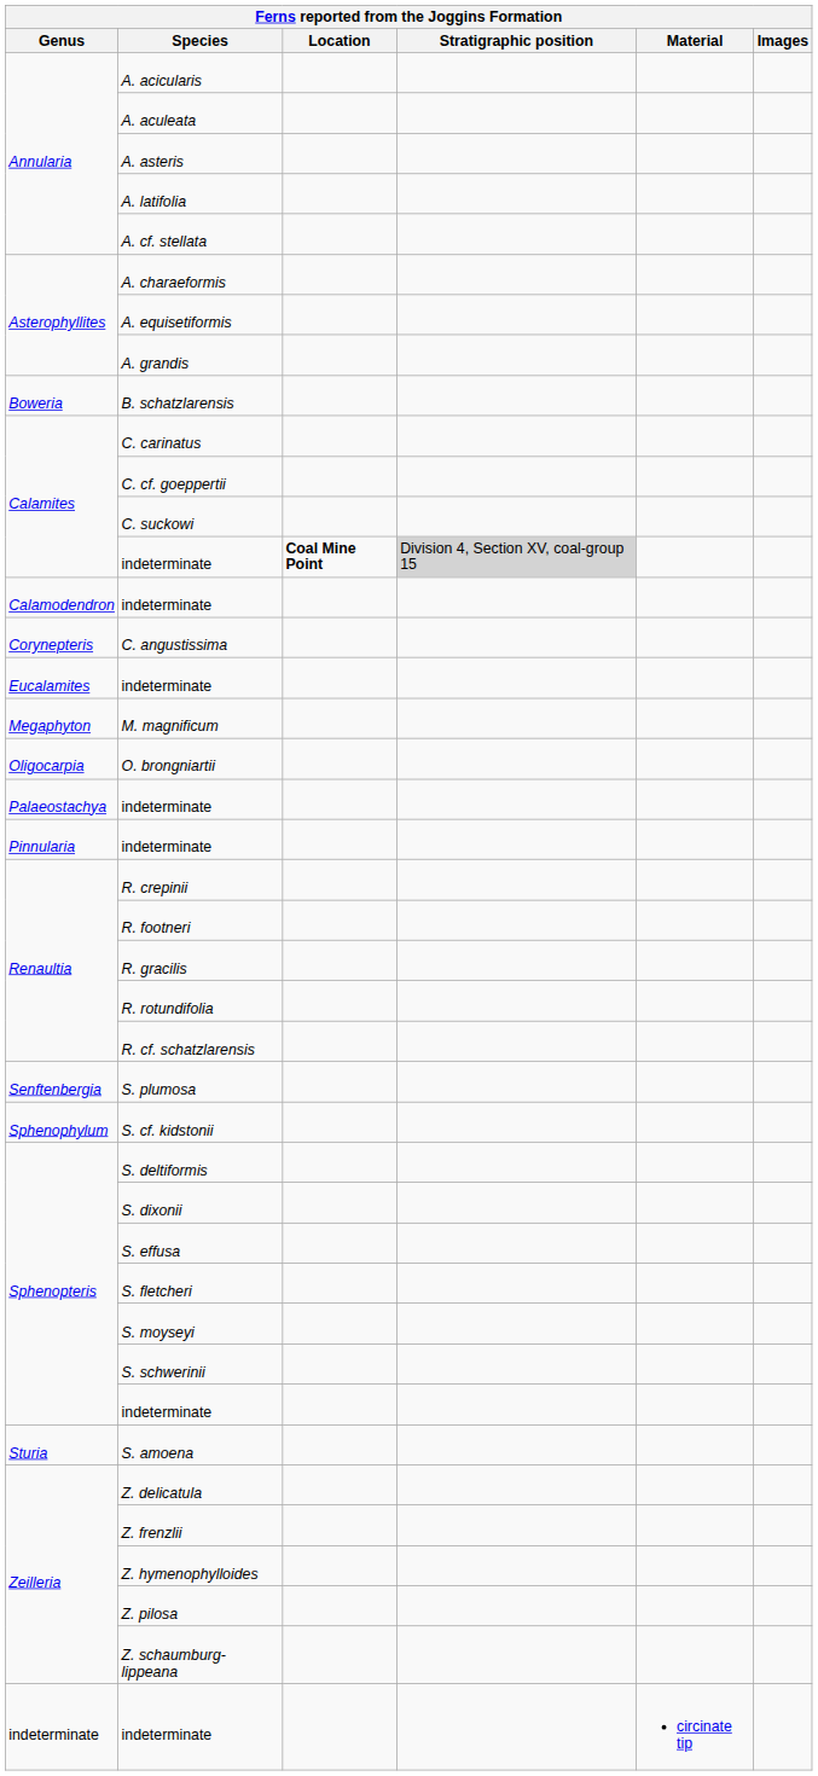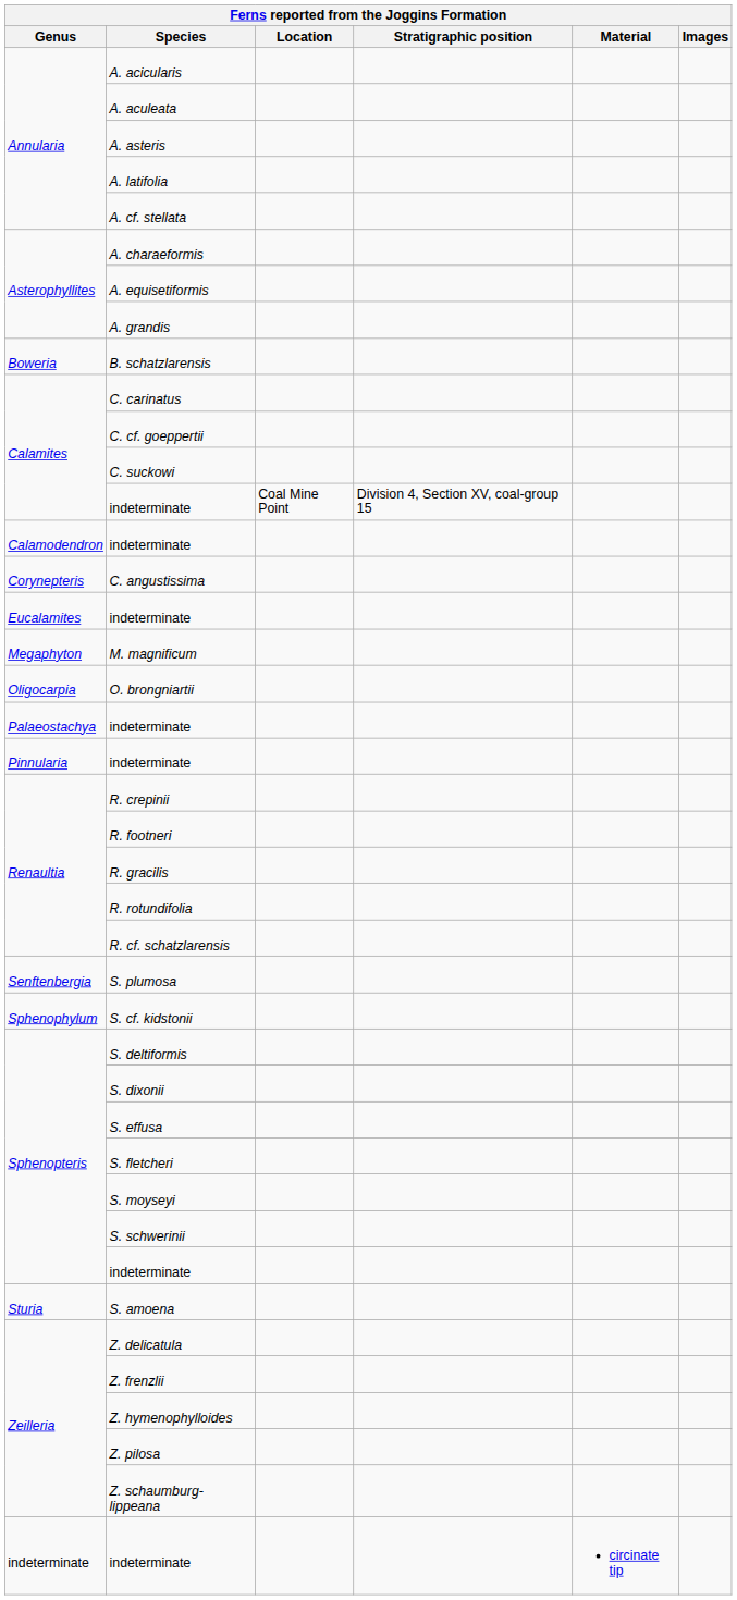 <table class="wikitable sortable mw-collapsible">
 <tr>
 <th colspan="7" style="text-align:center;"><strong><a href='#'>Ferns</a> reported from the Joggins Formation</strong></th>
 </tr>
 <tr>
 <th>Genus</th>
 <th>Species</th>
 <th>Location</th>
 <th>Stratigraphic position</th>
 <th>Material</th>
 <th>Images</th>
 </tr>
 <tr>
 <td rowspan="5"><br><em><a href='#'>Annularia</a></em></td>
 <td><br><em>A. acicularis</em></td>
 <td></td>
 <td></td>
 <td></td>
 <td></td>
 </tr>
 <tr>
 <td><br><em>A. aculeata</em></td>
 <td></td>
 <td></td>
 <td></td>
 <td></td>
 </tr>
 <tr>
 <td><br><em>A. asteris</em></td>
 <td></td>
 <td></td>
 <td></td>
 <td></td>
 </tr>
 <tr>
 <td><br><em>A. latifolia</em></td>
 <td></td>
 <td></td>
 <td></td>
 <td></td>
 </tr>
 <tr>
 <td><br><em>A. cf. stellata</em></td>
 <td></td>
 <td></td>
 <td></td>
 <td></td>
 </tr>
 <tr>
 <td rowspan="3"><br><em><a href='#'>Asterophyllites</a></em></td>
 <td><br><em>A. charaeformis</em></td>
 <td></td>
 <td></td>
 <td></td>
 <td></td>
 </tr>
 <tr>
 <td><br><em>A. equisetiformis</em></td>
 <td></td>
 <td></td>
 <td></td>
 <td></td>
 </tr>
 <tr>
 <td><br><em>A. grandis</em></td>
 <td></td>
 <td></td>
 <td></td>
 <td></td>
 </tr>
 <tr>
 <td rowspan="1"><br><em><a href='#'>Boweria</a></em></td>
 <td><br><em>B. schatzlarensis</em></td>
 <td></td>
 <td></td>
 <td></td>
 <td></td>
 </tr>
 <tr>
 <td rowspan="4"><br><em><a href='#'>Calamites</a></em></td>
 <td><br><em>C. carinatus</em></td>
 <td></td>
 <td></td>
 <td></td>
 <td></td>
 </tr>
 <tr>
 <td><br><em>C. cf. goeppertii</em></td>
 <td></td>
 <td></td>
 <td></td>
 <td></td>
 </tr>
 <tr>
 <td><br><em>C. suckowi</em></td>
 <td></td>
 <td></td>
 <td></td>
 <td></td>
 </tr>
 <tr>
 <td><br>indeterminate</td>
-<td><strong>Coal Mine Point</strong></td>
-<td style="background: lightgrey;">Division 4, Section XV, coal-group 15</td>
+<td>Coal Mine Point</td>
+<td>Division 4, Section XV, coal-group 15</td>
 <td></td>
 <td></td>
 </tr>
 <tr>
 <td rowspan="1"><br><em><a href='#'>Calamodendron</a></em></td>
 <td><br>indeterminate</td>
 <td></td>
 <td></td>
 <td></td>
 <td></td>
 </tr>
 <tr>
 <td rowspan="1"><br><em><a href='#'>Corynepteris</a></em></td>
 <td><br><em>C. angustissima</em></td>
 <td></td>
 <td></td>
 <td></td>
 <td></td>
 </tr>
 <tr>
 <td rowspan="1"><br><em><a href='#'>Eucalamites</a></em></td>
 <td><br>indeterminate</td>
 <td></td>
 <td></td>
 <td></td>
 <td></td>
 </tr>
 <tr>
 <td rowspan="1"><br><em><a href='#'>Megaphyton</a></em></td>
 <td><br><em>M. magnificum</em></td>
 <td></td>
 <td></td>
 <td></td>
 <td></td>
 </tr>
 <tr>
 <td rowspan="1"><br><em><a href='#'>Oligocarpia</a></em></td>
 <td><br><em>O. brongniartii</em></td>
 <td></td>
 <td></td>
 <td></td>
 <td></td>
 </tr>
 <tr>
 <td rowspan="1"><br><em><a href='#'>Palaeostachya</a></em></td>
 <td><br>indeterminate</td>
 <td></td>
 <td></td>
 <td></td>
 <td></td>
 </tr>
 <tr>
 <td rowspan="1"><br><em><a href='#'>Pinnularia</a></em></td>
 <td><br>indeterminate</td>
 <td></td>
 <td></td>
 <td></td>
 <td></td>
 </tr>
 <tr>
 <td rowspan="5"><br><em><a href='#'>Renaultia</a></em></td>
 <td><br><em>R. crepinii</em></td>
 <td></td>
 <td></td>
 <td></td>
 <td></td>
 </tr>
 <tr>
 <td><br><em>R. footneri</em></td>
 <td></td>
 <td></td>
 <td></td>
 <td></td>
 </tr>
 <tr>
 <td><br><em>R. gracilis</em></td>
 <td></td>
 <td></td>
 <td></td>
 <td></td>
 </tr>
 <tr>
 <td><br><em>R. rotundifolia</em></td>
 <td></td>
 <td></td>
 <td></td>
 <td></td>
 </tr>
 <tr>
 <td><br><em>R. cf. schatzlarensis</em></td>
 <td></td>
 <td></td>
 <td></td>
 <td></td>
 </tr>
 <tr>
 <td rowspan="1"><br><em><a href='#'>Senftenbergia</a></em></td>
 <td><br><em>S. plumosa</em></td>
 <td></td>
 <td></td>
 <td></td>
 <td></td>
 </tr>
 <tr>
 <td rowspan="1"><br><em><a href='#'>Sphenophylum</a></em></td>
 <td><br><em>S. cf. kidstonii</em></td>
 <td></td>
 <td></td>
 <td></td>
 <td></td>
 </tr>
 <tr>
 <td rowspan="7"><br><em><a href='#'>Sphenopteris</a></em></td>
 <td><br><em>S. deltiformis</em></td>
 <td></td>
 <td></td>
 <td></td>
 <td></td>
 </tr>
 <tr>
 <td><br><em>S. dixonii</em></td>
 <td></td>
 <td></td>
 <td></td>
 <td></td>
 </tr>
 <tr>
 <td><br><em>S. effusa</em></td>
 <td></td>
 <td></td>
 <td></td>
 <td></td>
 </tr>
 <tr>
 <td><br><em>S. fletcheri</em></td>
 <td></td>
 <td></td>
 <td></td>
 <td></td>
 </tr>
 <tr>
 <td><br><em>S. moyseyi</em></td>
 <td></td>
 <td></td>
 <td></td>
 <td></td>
 </tr>
 <tr>
 <td><br><em>S. schwerinii</em></td>
 <td></td>
 <td></td>
 <td></td>
 <td></td>
 </tr>
 <tr>
 <td><br>indeterminate</td>
 <td></td>
 <td></td>
 <td></td>
 <td></td>
 </tr>
 <tr>
 <td rowspan="1"><br><em><a href='#'>Sturia</a></em></td>
 <td><br><em>S. amoena</em></td>
 <td></td>
 <td></td>
 <td></td>
 <td></td>
 </tr>
 <tr>
 <td rowspan="5"><br><em><a href='#'>Zeilleria</a></em></td>
 <td><br><em>Z. delicatula</em></td>
 <td></td>
 <td></td>
 <td></td>
 <td></td>
 </tr>
 <tr>
 <td><br><em>Z. frenzlii</em></td>
 <td></td>
 <td></td>
 <td></td>
 <td></td>
 </tr>
 <tr>
 <td><br><em>Z. hymenophylloides</em></td>
 <td></td>
 <td></td>
 <td></td>
 <td></td>
 </tr>
 <tr>
 <td><br><em>Z. pilosa</em></td>
 <td></td>
 <td></td>
 <td></td>
 <td></td>
 </tr>
 <tr>
 <td><br><em>Z. schaumburg-lippeana</em></td>
 <td></td>
 <td></td>
 <td></td>
 <td></td>
 </tr>
 <tr>
 <td rowspan="1"><br>indeterminate</td>
 <td><br>indeterminate</td>
 <td></td>
 <td></td>
 <td><br><ul><li><a href='#'>circinate tip</a></li></ul></td>
 <td></td>
 </tr>
 </table>
